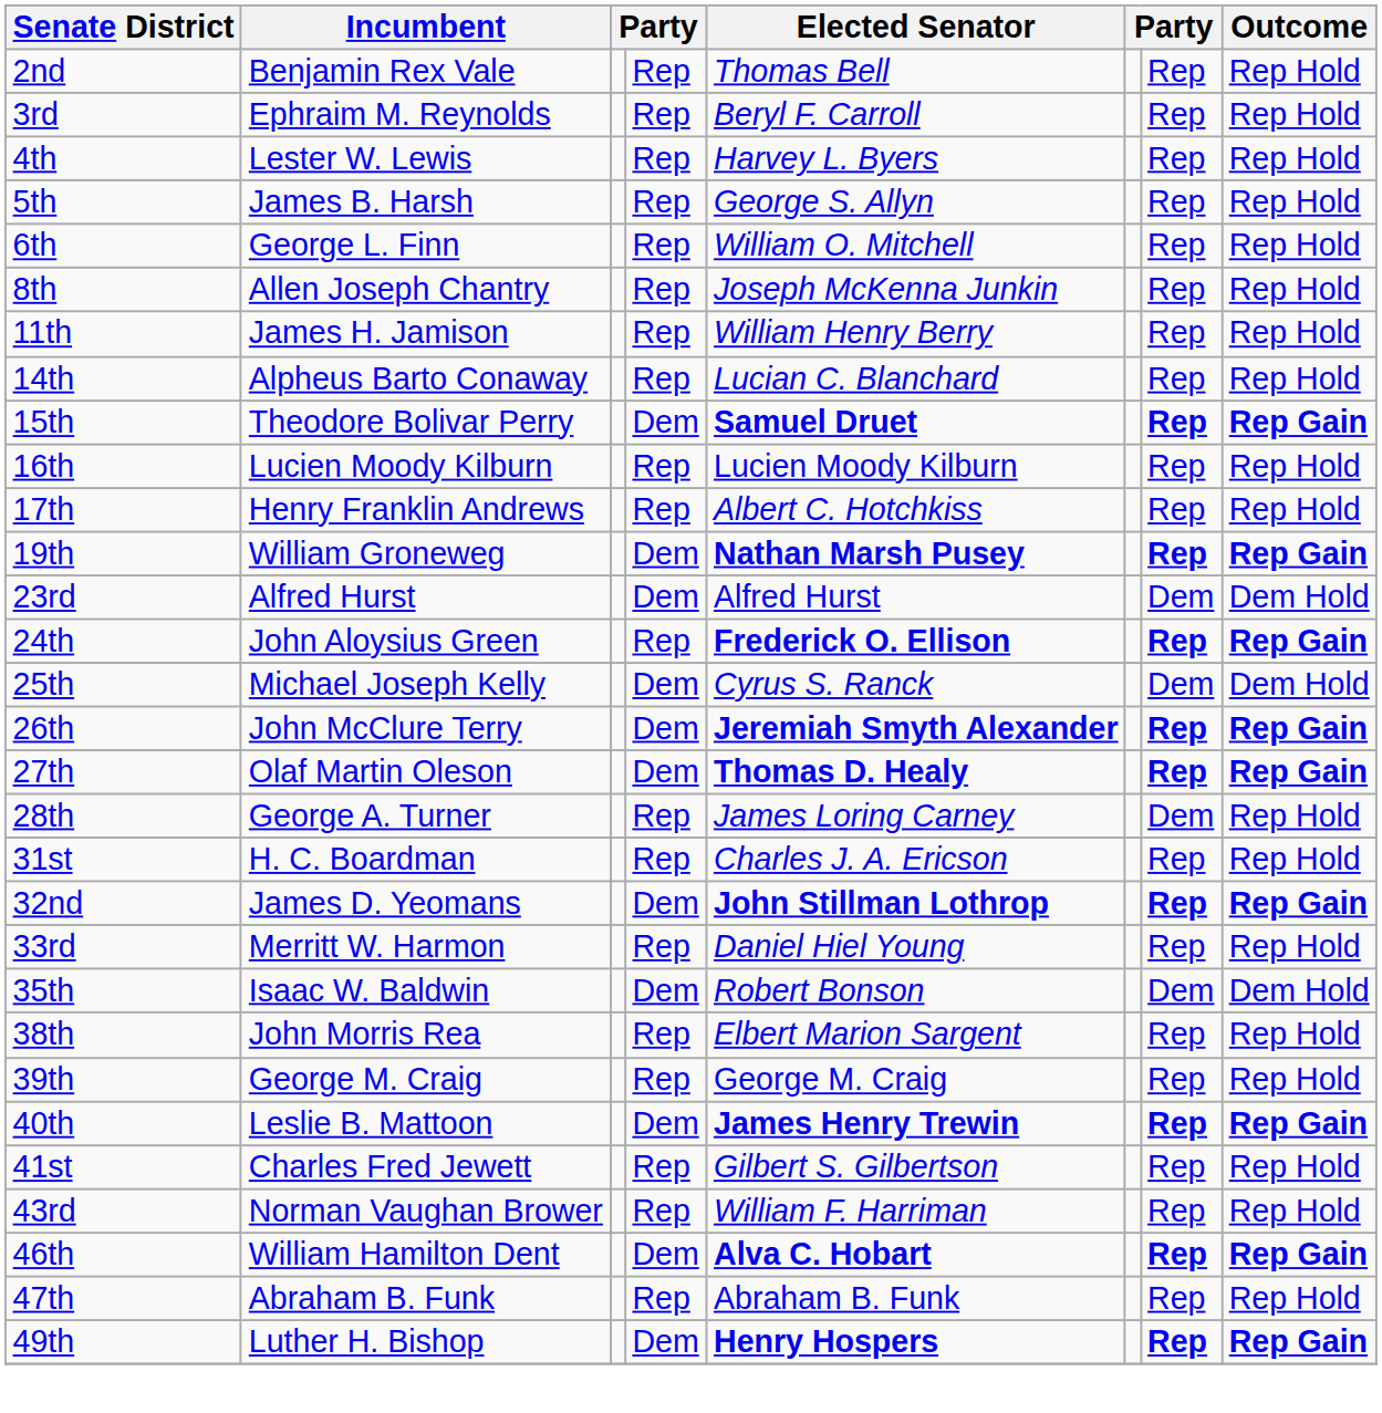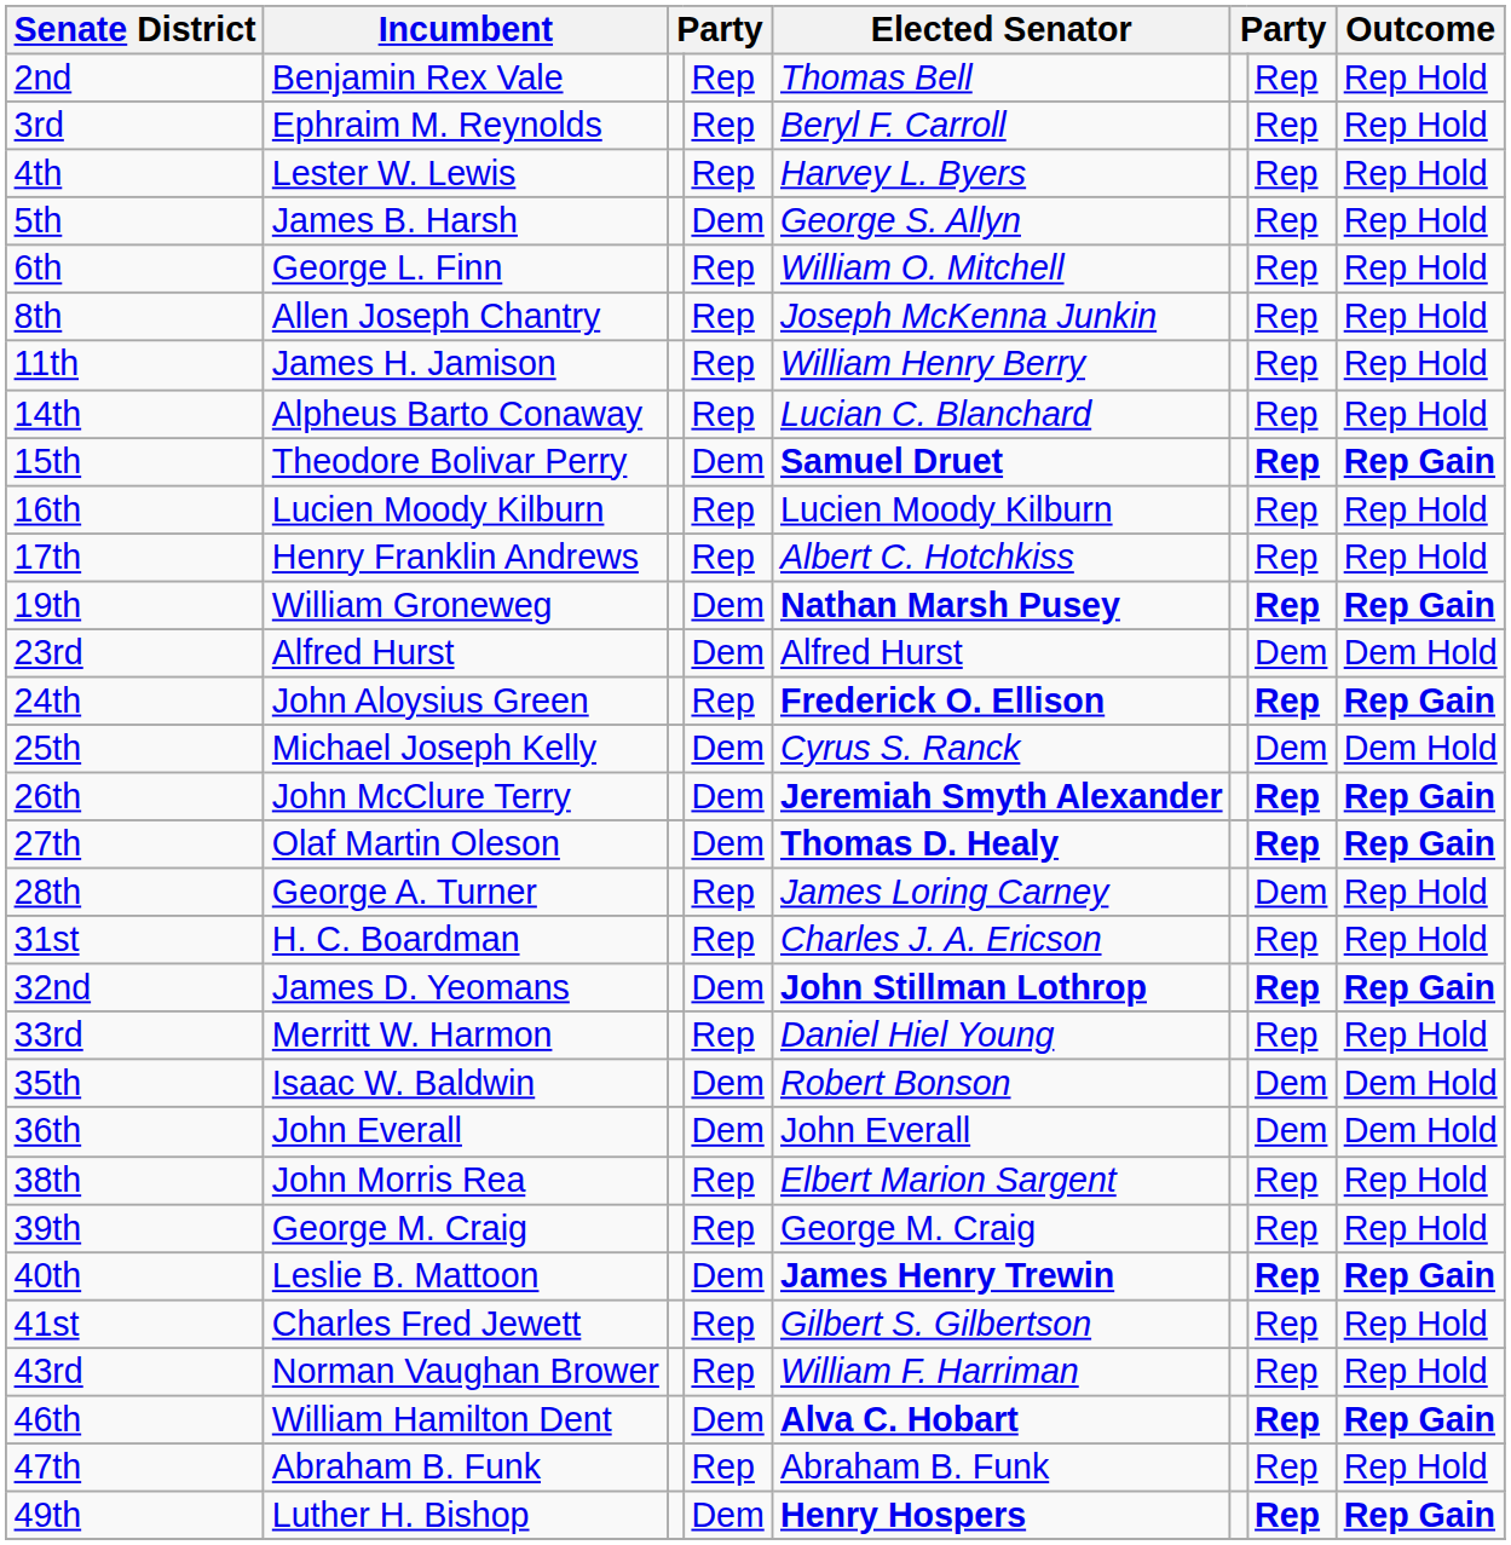 <table class="sortable wikitable" style="font-size:95%;line-height:14px;">
 <tr>
 <th class="sortable"><a href='#'>Senate</a> District</th>
 <th class="sortable"><a href='#'>Incumbent</a></th>
 <th colspan="2">Party</th>
 <th class="sortable">Elected Senator</th>
 <th colspan="2">Party</th>
 <th class="sortable">Outcome</th>
 </tr>
 <tr>
 <td><a href='#'>2nd</a></td>
 <td><a href='#'>Benjamin Rex Vale</a></td>
 <td style="background:"></td>
 <td><a href='#'>Rep</a></td>
 <td><em><a href='#'>Thomas Bell</a></em></td>
 <td style="background:"></td>
 <td><a href='#'>Rep</a></td>
 <td><a href='#'>Rep Hold</a></td>
 </tr>
 <tr>
 <td><a href='#'>3rd</a></td>
 <td><a href='#'>Ephraim M. Reynolds</a></td>
 <td style="background:"></td>
 <td><a href='#'>Rep</a></td>
 <td><em><a href='#'>Beryl F. Carroll</a></em></td>
 <td style="background:"></td>
 <td><a href='#'>Rep</a></td>
 <td><a href='#'>Rep Hold</a></td>
 </tr>
 <tr>
 <td><a href='#'>4th</a></td>
 <td><a href='#'>Lester W. Lewis</a></td>
 <td style="background:"></td>
 <td><a href='#'>Rep</a></td>
 <td><em><a href='#'>Harvey L. Byers</a></em></td>
 <td style="background:"></td>
 <td><a href='#'>Rep</a></td>
 <td><a href='#'>Rep Hold</a></td>
 </tr>
 <tr>
 <td><a href='#'>5th</a></td>
 <td><a href='#'>James B. Harsh</a></td>
 <td style="background:"></td>
-<td><a href='#'>Rep</a></td>
+<td><a href='#'>Dem</a></td>
 <td><em><a href='#'>George S. Allyn</a></em></td>
 <td style="background:"></td>
 <td><a href='#'>Rep</a></td>
 <td><a href='#'>Rep Hold</a></td>
 </tr>
 <tr>
 <td><a href='#'>6th</a></td>
 <td><a href='#'>George L. Finn</a></td>
 <td style="background:"></td>
 <td><a href='#'>Rep</a></td>
 <td><em><a href='#'>William O. Mitchell</a></em></td>
 <td style="background:"></td>
 <td><a href='#'>Rep</a></td>
 <td><a href='#'>Rep Hold</a></td>
 </tr>
 <tr>
 <td><a href='#'>8th</a></td>
 <td><a href='#'>Allen Joseph Chantry</a></td>
 <td style="background:"></td>
 <td><a href='#'>Rep</a></td>
 <td><em><a href='#'>Joseph McKenna Junkin</a></em></td>
 <td style="background:"></td>
 <td><a href='#'>Rep</a></td>
 <td><a href='#'>Rep Hold</a></td>
 </tr>
 <tr>
 <td><a href='#'>11th</a></td>
 <td><a href='#'>James H. Jamison</a></td>
 <td style="background:"></td>
 <td><a href='#'>Rep</a></td>
 <td><em><a href='#'>William Henry Berry</a></em></td>
 <td style="background:"></td>
 <td><a href='#'>Rep</a></td>
 <td><a href='#'>Rep Hold</a></td>
 </tr>
 <tr>
 <td><a href='#'>14th</a></td>
 <td><a href='#'>Alpheus Barto Conaway</a></td>
 <td style="background:"></td>
 <td><a href='#'>Rep</a></td>
 <td><em><a href='#'>Lucian C. Blanchard</a></em></td>
 <td style="background:"></td>
 <td><a href='#'>Rep</a></td>
 <td><a href='#'>Rep Hold</a></td>
 </tr>
 <tr>
 <td><a href='#'>15th</a></td>
 <td><a href='#'>Theodore Bolivar Perry</a></td>
 <td style="background:"></td>
 <td><a href='#'>Dem</a></td>
 <td><strong><a href='#'>Samuel Druet</a></strong></td>
 <td style="background:"></td>
 <td><strong><a href='#'>Rep</a></strong></td>
 <td><strong><a href='#'>Rep Gain</a></strong></td>
 </tr>
 <tr>
 <td><a href='#'>16th</a></td>
 <td><a href='#'>Lucien Moody Kilburn</a></td>
 <td style="background:"></td>
 <td><a href='#'>Rep</a></td>
 <td><a href='#'>Lucien Moody Kilburn</a></td>
 <td style="background:"></td>
 <td><a href='#'>Rep</a></td>
 <td><a href='#'>Rep Hold</a></td>
 </tr>
 <tr>
 <td><a href='#'>17th</a></td>
 <td><a href='#'>Henry Franklin Andrews</a></td>
 <td style="background:"></td>
 <td><a href='#'>Rep</a></td>
 <td><em><a href='#'>Albert C. Hotchkiss</a></em></td>
 <td style="background:"></td>
 <td><a href='#'>Rep</a></td>
 <td><a href='#'>Rep Hold</a></td>
 </tr>
 <tr>
 <td><a href='#'>19th</a></td>
 <td><a href='#'>William Groneweg</a></td>
 <td style="background:"></td>
 <td><a href='#'>Dem</a></td>
 <td><strong><a href='#'>Nathan Marsh Pusey</a></strong></td>
 <td style="background:"></td>
 <td><strong><a href='#'>Rep</a></strong></td>
 <td><strong><a href='#'>Rep Gain</a></strong></td>
 </tr>
 <tr>
 <td><a href='#'>23rd</a></td>
 <td><a href='#'>Alfred Hurst</a></td>
 <td style="background:"></td>
 <td><a href='#'>Dem</a></td>
 <td><a href='#'>Alfred Hurst</a></td>
 <td style="background:"></td>
 <td><a href='#'>Dem</a></td>
 <td><a href='#'>Dem Hold</a></td>
 </tr>
 <tr>
 <td><a href='#'>24th</a></td>
 <td><a href='#'>John Aloysius Green</a></td>
 <td style="background:"></td>
 <td><a href='#'>Rep</a></td>
 <td><strong><a href='#'>Frederick O. Ellison</a></strong></td>
 <td style="background:"></td>
 <td><strong><a href='#'>Rep</a></strong></td>
 <td><strong><a href='#'>Rep Gain</a></strong></td>
 </tr>
 <tr>
 <td><a href='#'>25th</a></td>
 <td><a href='#'>Michael Joseph Kelly</a></td>
 <td style="background:"></td>
 <td><a href='#'>Dem</a></td>
 <td><em><a href='#'>Cyrus S. Ranck</a></em></td>
 <td style="background:"></td>
 <td><a href='#'>Dem</a></td>
 <td><a href='#'>Dem Hold</a></td>
 </tr>
 <tr>
 <td><a href='#'>26th</a></td>
 <td><a href='#'>John McClure Terry</a></td>
 <td style="background:"></td>
 <td><a href='#'>Dem</a></td>
 <td><strong><a href='#'>Jeremiah Smyth Alexander</a></strong></td>
 <td style="background:"></td>
 <td><strong><a href='#'>Rep</a></strong></td>
 <td><strong><a href='#'>Rep Gain</a></strong></td>
 </tr>
 <tr>
 <td><a href='#'>27th</a></td>
 <td><a href='#'>Olaf Martin Oleson</a></td>
 <td style="background:"></td>
 <td><a href='#'>Dem</a></td>
 <td><strong><a href='#'>Thomas D. Healy</a></strong></td>
 <td style="background:"></td>
 <td><strong><a href='#'>Rep</a></strong></td>
 <td><strong><a href='#'>Rep Gain</a></strong></td>
 </tr>
 <tr>
 <td><a href='#'>28th</a></td>
 <td><a href='#'>George A. Turner</a></td>
 <td style="background:"></td>
 <td><a href='#'>Rep</a></td>
 <td><em><a href='#'>James Loring Carney</a></em></td>
 <td style="background:"></td>
 <td><a href='#'>Dem</a></td>
 <td><a href='#'>Rep Hold</a></td>
 </tr>
 <tr>
 <td><a href='#'>31st</a></td>
 <td><a href='#'>H. C. Boardman</a></td>
 <td style="background:"></td>
 <td><a href='#'>Rep</a></td>
 <td><em><a href='#'>Charles J. A. Ericson</a></em></td>
 <td style="background:"></td>
 <td><a href='#'>Rep</a></td>
 <td><a href='#'>Rep Hold</a></td>
 </tr>
 <tr>
 <td><a href='#'>32nd</a></td>
 <td><a href='#'>James D. Yeomans</a></td>
 <td style="background:"></td>
 <td><a href='#'>Dem</a></td>
 <td><strong><a href='#'>John Stillman Lothrop</a></strong></td>
 <td style="background:"></td>
 <td><strong><a href='#'>Rep</a></strong></td>
 <td><strong><a href='#'>Rep Gain</a></strong></td>
 </tr>
 <tr>
 <td><a href='#'>33rd</a></td>
 <td><a href='#'>Merritt W. Harmon</a></td>
 <td style="background:"></td>
 <td><a href='#'>Rep</a></td>
 <td><em><a href='#'>Daniel Hiel Young</a></em></td>
 <td style="background:"></td>
 <td><a href='#'>Rep</a></td>
 <td><a href='#'>Rep Hold</a></td>
 </tr>
 <tr>
 <td><a href='#'>35th</a></td>
 <td><a href='#'>Isaac W. Baldwin</a></td>
 <td style="background:"></td>
 <td><a href='#'>Dem</a></td>
 <td><em><a href='#'>Robert Bonson</a></em></td>
 <td style="background:"></td>
 <td><a href='#'>Dem</a></td>
 <td><a href='#'>Dem Hold</a></td>
 </tr>
 <tr>
+<td><a href='#'>36th</a></td>
+<td><a href='#'>John Everall</a></td>
+<td style="background:"></td>
+<td><a href='#'>Dem</a></td>
+<td><a href='#'>John Everall</a></td>
+<td style="background:"></td>
+<td><a href='#'>Dem</a></td>
+<td><a href='#'>Dem Hold</a></td>
+</tr>
+<tr>
 <td><a href='#'>38th</a></td>
 <td><a href='#'>John Morris Rea</a></td>
 <td style="background:"></td>
 <td><a href='#'>Rep</a></td>
 <td><em><a href='#'>Elbert Marion Sargent</a></em></td>
 <td style="background:"></td>
 <td><a href='#'>Rep</a></td>
 <td><a href='#'>Rep Hold</a></td>
 </tr>
 <tr>
 <td><a href='#'>39th</a></td>
 <td><a href='#'>George M. Craig</a></td>
 <td style="background:"></td>
 <td><a href='#'>Rep</a></td>
 <td><a href='#'>George M. Craig</a></td>
 <td style="background:"></td>
 <td><a href='#'>Rep</a></td>
 <td><a href='#'>Rep Hold</a></td>
 </tr>
 <tr>
 <td><a href='#'>40th</a></td>
 <td><a href='#'>Leslie B. Mattoon</a></td>
 <td style="background:"></td>
 <td><a href='#'>Dem</a></td>
 <td><strong><a href='#'>James Henry Trewin</a></strong></td>
 <td style="background:"></td>
 <td><strong><a href='#'>Rep</a></strong></td>
 <td><strong><a href='#'>Rep Gain</a></strong></td>
 </tr>
 <tr>
 <td><a href='#'>41st</a></td>
 <td><a href='#'>Charles Fred Jewett</a></td>
 <td style="background:"></td>
 <td><a href='#'>Rep</a></td>
 <td><em><a href='#'>Gilbert S. Gilbertson</a></em></td>
 <td style="background:"></td>
 <td><a href='#'>Rep</a></td>
 <td><a href='#'>Rep Hold</a></td>
 </tr>
 <tr>
 <td><a href='#'>43rd</a></td>
 <td><a href='#'>Norman Vaughan Brower</a></td>
 <td style="background:"></td>
 <td><a href='#'>Rep</a></td>
 <td><em><a href='#'>William F. Harriman</a></em></td>
 <td style="background:"></td>
 <td><a href='#'>Rep</a></td>
 <td><a href='#'>Rep Hold</a></td>
 </tr>
 <tr>
 <td><a href='#'>46th</a></td>
 <td><a href='#'>William Hamilton Dent</a></td>
 <td style="background:"></td>
 <td><a href='#'>Dem</a></td>
 <td><strong><a href='#'>Alva C. Hobart</a></strong></td>
 <td style="background:"></td>
 <td><strong><a href='#'>Rep</a></strong></td>
 <td><strong><a href='#'>Rep Gain</a></strong></td>
 </tr>
 <tr>
 <td><a href='#'>47th</a></td>
 <td><a href='#'>Abraham B. Funk</a></td>
 <td style="background:"></td>
 <td><a href='#'>Rep</a></td>
 <td><a href='#'>Abraham B. Funk</a></td>
 <td style="background:"></td>
 <td><a href='#'>Rep</a></td>
 <td><a href='#'>Rep Hold</a></td>
 </tr>
 <tr>
 <td><a href='#'>49th</a></td>
 <td><a href='#'>Luther H. Bishop</a></td>
 <td style="background:"></td>
 <td><a href='#'>Dem</a></td>
 <td><strong><a href='#'>Henry Hospers</a></strong></td>
 <td style="background:"></td>
 <td><strong><a href='#'>Rep</a></strong></td>
 <td><strong><a href='#'>Rep Gain</a></strong></td>
 </tr>
 <tr>
 </tr>
 </table>
